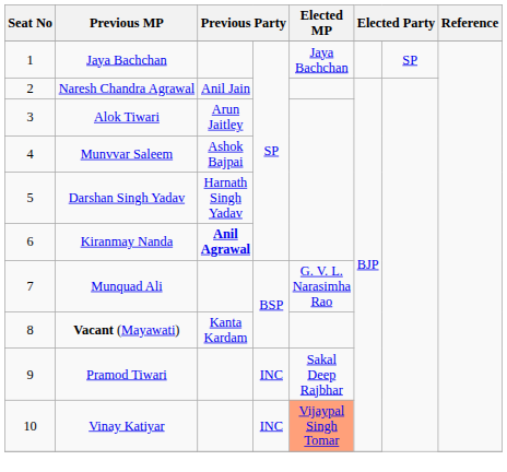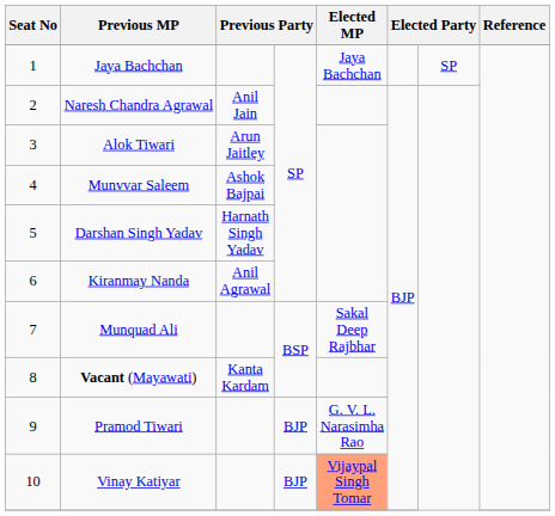 <table class="wikitable">
 <tr>
 <th>Seat No</th>
 <th>Previous MP</th>
 <th colspan=2>Previous Party</th>
 <th>Elected MP</th>
 <th colspan=2>Elected Party</th>
 <th>Reference</th>
 </tr>
 <tr>
 </tr>
 <tr style="text-align:center;">
 <td>1</td>
 <td><a href='#'>Jaya Bachchan</a></td>
 <td width="1px"></td>
 <td rowspan=6><a href='#'>SP</a></td>
 <td><a href='#'>Jaya Bachchan</a></td>
 <td width="1px"></td>
 <td><a href='#'>SP</a></td>
 <td rowspan=10></td>
 </tr>
 <tr style="text-align:center;">
 <td>2</td>
 <td><a href='#'>Naresh Chandra Agrawal</a></td>
 <td><a href='#'>Anil Jain</a></td>
 <td width="1px"></td>
 <td rowspan=9><a href='#'>BJP</a></td>
 </tr>
 <tr style="text-align:center;">
 <td>3</td>
 <td><a href='#'>Alok Tiwari</a></td>
 <td><a href='#'>Arun Jaitley</a></td>
 </tr>
 <tr style="text-align:center;">
 <td>4</td>
 <td><a href='#'>Munvvar Saleem</a></td>
 <td><a href='#'>Ashok Bajpai</a></td>
 </tr>
 <tr style="text-align:center;">
 <td>5</td>
 <td><a href='#'>Darshan Singh Yadav</a></td>
 <td><a href='#'>Harnath Singh Yadav</a></td>
 </tr>
 <tr style="text-align:center;">
 <td>6</td>
 <td><a href='#'>Kiranmay Nanda</a></td>
-<td><strong><a href='#'>Anil Agrawal</a></strong></td>
+<td><a href='#'>Anil Agrawal</a></td>
 </tr>
 <tr style="text-align:center;">
 <td>7</td>
 <td><a href='#'>Munquad Ali</a></td>
 <td width="1px"></td>
 <td rowspan=2><a href='#'>BSP</a></td>
-<td><a href='#'>G. V. L. Narasimha Rao</a></td>
+<td><a href='#'>Sakal Deep Rajbhar</a></td>
 </tr>
 <tr style="text-align:center;">
 <td>8</td>
 <td><strong>Vacant</strong> (<a href='#'>Mayawati</a>)</td>
 <td><a href='#'>Kanta Kardam</a></td>
 </tr>
 <tr style="text-align:center;">
 <td>9</td>
 <td><a href='#'>Pramod Tiwari</a></td>
 <td width="1px"></td>
-<td><a href='#'>INC</a></td>
-<td><a href='#'>Sakal Deep Rajbhar</a></td>
+<td><a href='#'>BJP</a></td>
+<td><a href='#'>G. V. L. Narasimha Rao</a></td>
 </tr>
 <tr style="text-align:center;">
 <td>10</td>
 <td><a href='#'>Vinay Katiyar</a></td>
 <td width="1px"></td>
-<td><a href='#'>INC</a></td>
+<td><a href='#'>BJP</a></td>
 <td style="background: lightsalmon;"><a href='#'>Vijaypal Singh Tomar</a></td>
 </tr>
 <tr>
 </tr>
 </table>
